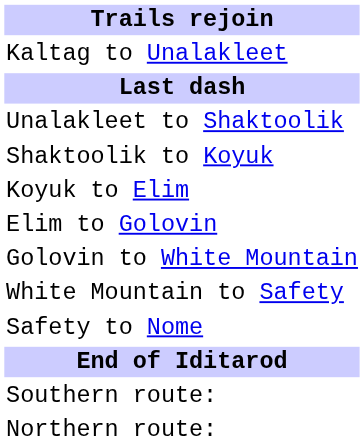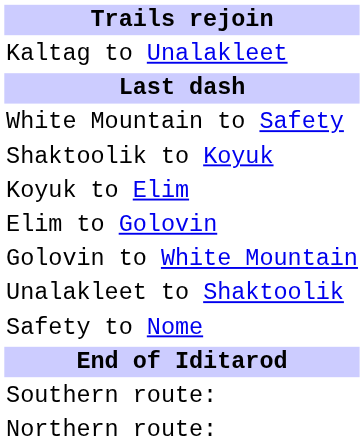 <table class="toccolours" style="float:left; margin:0 .4em; font-size:95%">
 <tr>
 <th style="text-align:center; background:#ccf;">Trails rejoin</th>
 </tr>
 <tr>
 <td>Kaltag to <a href='#'>Unalakleet</a> </td>
 </tr>
 <tr>
 <th style="text-align:center; background:#ccf;">Last dash</th>
 </tr>
 <tr>
-<td>Unalakleet to <a href='#'>Shaktoolik</a> </td>
+<td>White Mountain to <a href='#'>Safety</a> </td>
 </tr>
 <tr>
 <td>Shaktoolik to <a href='#'>Koyuk</a> </td>
 </tr>
 <tr>
 <td>Koyuk to <a href='#'>Elim</a> </td>
 </tr>
 <tr>
 <td>Elim to <a href='#'>Golovin</a> </td>
 </tr>
 <tr>
 <td>Golovin to <a href='#'>White Mountain</a> </td>
 </tr>
 <tr>
-<td>White Mountain to <a href='#'>Safety</a> </td>
+<td>Unalakleet to <a href='#'>Shaktoolik</a> </td>
 </tr>
 <tr>
 <td>Safety to <a href='#'>Nome</a> </td>
 </tr>
 <tr>
 <th style="text-align:center; background:#ccf;">End of Iditarod</th>
 </tr>
 <tr>
 <td>Southern route: </td>
 </tr>
 <tr>
 <td>Northern route: </td>
 </tr>
 </table>
